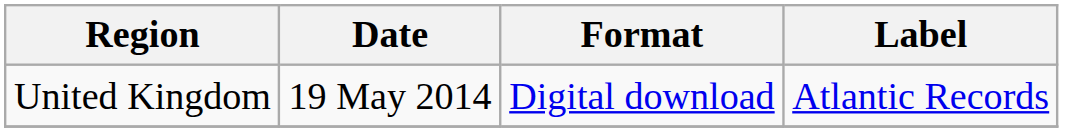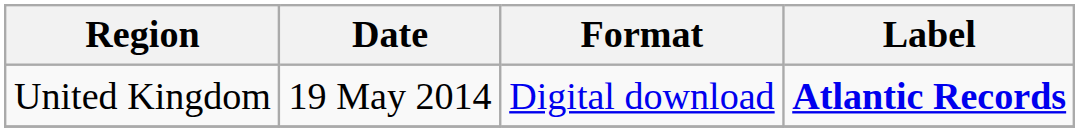 <table class=wikitable>
 <tr>
 <th>Region</th>
 <th>Date</th>
 <th>Format</th>
 <th>Label</th>
 </tr>
 <tr>
 <td>United Kingdom</td>
 <td>19 May 2014</td>
 <td><a href='#'>Digital download</a></td>
-<td><a href='#'>Atlantic Records</a></td>
+<td><strong><a href='#'>Atlantic Records</a></strong></td>
 </tr>
 <tr>
 </tr>
 </table>
